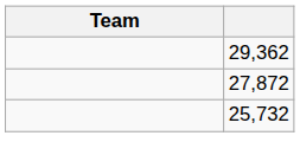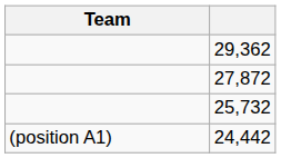 <table class="wikitable" style="display:inline-table;">
 <tr>
 <th width=170>Team</th>
 <th></th>
 </tr>
 <tr>
 <td></td>
 <td style="text-align: right;">29,362</td>
 </tr>
 <tr>
 <td></td>
 <td style="text-align: right;">27,872</td>
 </tr>
 <tr>
 <td></td>
 <td style="text-align: right;">25,732</td>
 </tr>
+<tr>
+<td> (position A1)</td>
+<td style="text-align: right;">24,442</td>
+</tr>
 </table>
